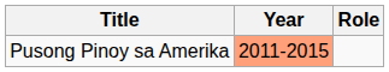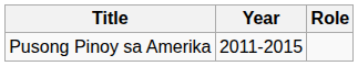 <table class="wikitable">
 <tr>
 <th>Title</th>
 <th>Year</th>
 <th>Role</th>
 </tr>
 <tr>
 <td>Pusong Pinoy sa Amerika</td>
-<td style="background: lightsalmon;">2011-2015</td>
+<td>2011-2015</td>
 </tr>
 </table>
